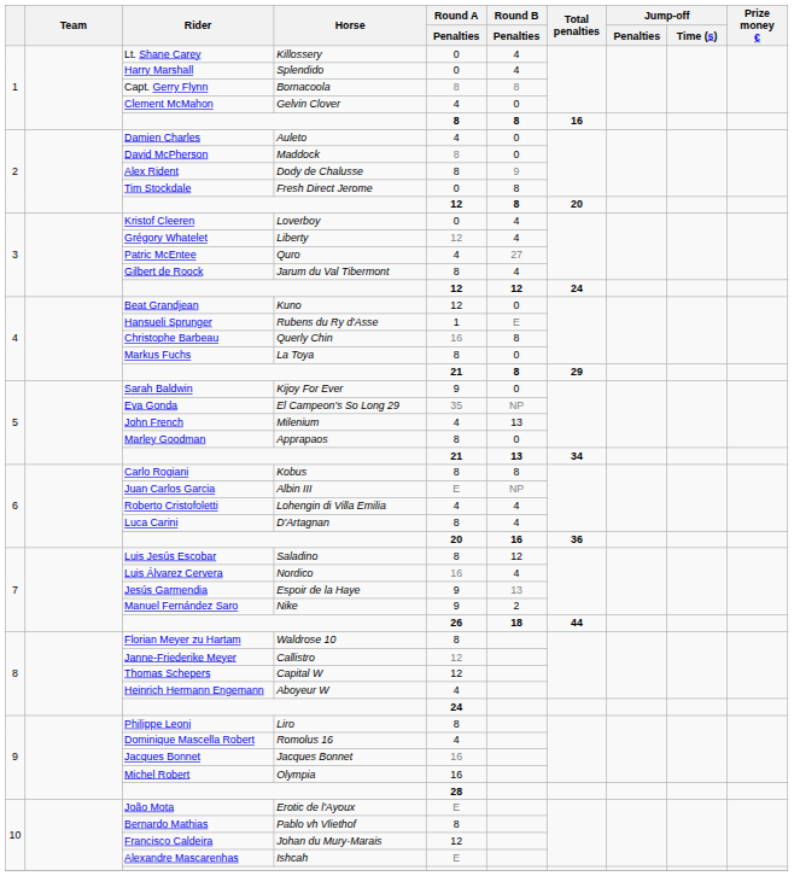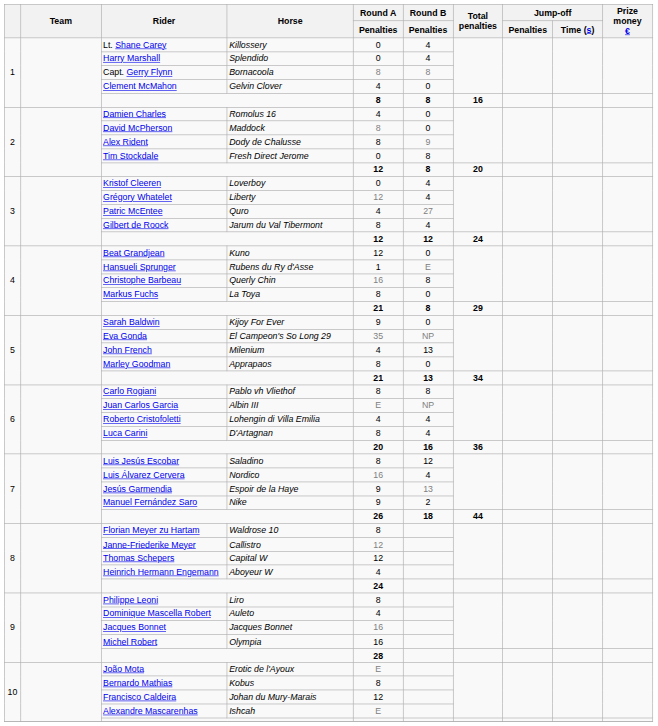 <table class="wikitable" style="font-size: 90%">
 <tr>
 <th rowspan=2 width=20></th>
 <th rowspan=2 width=125>Team</th>
 <th rowspan=2 width=200>Rider</th>
 <th rowspan=2 width=200>Horse</th>
 <th>Round A</th>
 <th>Round B</th>
 <th rowspan=2 width=75>Total penalties</th>
 <th colspan=2>Jump-off</th>
 <th rowspan=2 width=75>Prize money<br><a href='#'>€</a></th>
 </tr>
 <tr>
 <th width=75>Penalties</th>
 <th width=75>Penalties</th>
 <th width=75>Penalties</th>
 <th width=75>Time (<a href='#'>s</a>)</th>
 </tr>
 <tr>
 <td rowspan=5 align=center>1</td>
 <td rowspan=5></td>
 <td>Lt. <a href='#'>Shane Carey</a></td>
 <td><em>Killossery</em></td>
 <td align=center>0</td>
 <td align=center>4</td>
 <td rowspan=4></td>
 <td rowspan=4></td>
 <td rowspan=4></td>
 <td rowspan=4></td>
 </tr>
 <tr>
 <td><a href='#'>Harry Marshall</a></td>
 <td><em>Splendido</em></td>
 <td align=center>0</td>
 <td align=center>4</td>
 </tr>
 <tr>
 <td>Capt. <a href='#'>Gerry Flynn</a></td>
 <td><em>Bornacoola</em></td>
 <td align=center style=color:gray>8</td>
 <td align=center style=color:gray>8</td>
 </tr>
 <tr>
 <td><a href='#'>Clement McMahon</a></td>
 <td><em>Gelvin Clover</em></td>
 <td align=center>4</td>
 <td align=center>0</td>
 </tr>
 <tr>
 <td colspan=2></td>
 <td align=center><strong>8</strong></td>
 <td align=center><strong>8</strong></td>
 <td align=center><strong>16</strong></td>
 <td></td>
 <td></td>
 <td align=center></td>
 </tr>
 <tr>
 <td rowspan=5 align=center>2</td>
 <td rowspan=5></td>
 <td><a href='#'>Damien Charles</a></td>
-<td><em>Auleto</em></td>
+<td><em>Romolus 16</em></td>
 <td align=center>4</td>
 <td align=center>0</td>
 <td rowspan=4></td>
 <td rowspan=4></td>
 <td rowspan=4></td>
 <td rowspan=4></td>
 </tr>
 <tr>
 <td><a href='#'>David McPherson</a></td>
 <td><em>Maddock</em></td>
 <td align=center style=color:gray>8</td>
 <td align=center>0</td>
 </tr>
 <tr>
 <td><a href='#'>Alex Rident</a></td>
 <td><em>Dody de Chalusse</em></td>
 <td align=center>8</td>
 <td align=center style=color:gray>9</td>
 </tr>
 <tr>
 <td><a href='#'>Tim Stockdale</a></td>
 <td><em>Fresh Direct Jerome</em></td>
 <td align=center>0</td>
 <td align=center>8</td>
 </tr>
 <tr>
 <td colspan=2></td>
 <td align=center><strong>12</strong></td>
 <td align=center><strong>8</strong></td>
 <td align=center><strong>20</strong></td>
 <td></td>
 <td></td>
 <td align=center></td>
 </tr>
 <tr>
 <td rowspan=5 align=center>3</td>
 <td rowspan=5></td>
 <td><a href='#'>Kristof Cleeren</a></td>
 <td><em>Loverboy</em></td>
 <td align=center>0</td>
 <td align=center>4</td>
 <td rowspan=4></td>
 <td rowspan=4></td>
 <td rowspan=4></td>
 <td rowspan=4></td>
 </tr>
 <tr>
 <td><a href='#'>Grégory Whatelet</a></td>
 <td><em>Liberty</em></td>
 <td align=center style=color:gray>12</td>
 <td align=center>4</td>
 </tr>
 <tr>
 <td><a href='#'>Patric McEntee</a></td>
 <td><em>Quro</em></td>
 <td align=center>4</td>
 <td align=center style=color:gray>27</td>
 </tr>
 <tr>
 <td><a href='#'>Gilbert de Roock</a></td>
 <td><em>Jarum du Val Tibermont</em></td>
 <td align=center>8</td>
 <td align=center>4</td>
 </tr>
 <tr>
 <td colspan=2></td>
 <td align=center><strong>12</strong></td>
 <td align=center><strong>12</strong></td>
 <td align=center><strong>24</strong></td>
 <td align=center></td>
 <td align=center></td>
 <td align=center></td>
 </tr>
 <tr>
 <td rowspan=5 align=center>4</td>
 <td rowspan=5></td>
 <td><a href='#'>Beat Grandjean</a></td>
 <td><em>Kuno</em></td>
 <td align=center>12</td>
 <td align=center>0</td>
 <td rowspan=4></td>
 <td rowspan=4></td>
 <td rowspan=4></td>
 <td rowspan=4></td>
 </tr>
 <tr>
 <td><a href='#'>Hansueli Sprunger</a></td>
 <td><em>Rubens du Ry d'Asse</em></td>
 <td align=center>1</td>
 <td align=center style=color:gray>E</td>
 </tr>
 <tr>
 <td><a href='#'>Christophe Barbeau</a></td>
 <td><em>Querly Chin</em></td>
 <td align=center style=color:gray>16</td>
 <td align=center>8</td>
 </tr>
 <tr>
 <td><a href='#'>Markus Fuchs</a></td>
 <td><em>La Toya</em></td>
 <td align=center>8</td>
 <td align=center>0</td>
 </tr>
 <tr>
 <td colspan=2></td>
 <td align=center><strong>21</strong></td>
 <td align=center><strong>8</strong></td>
 <td align=center><strong>29</strong></td>
 <td></td>
 <td></td>
 <td></td>
 </tr>
 <tr>
 <td rowspan=5 align=center>5</td>
 <td rowspan=5></td>
 <td><a href='#'>Sarah Baldwin</a></td>
 <td><em>Kijoy For Ever</em></td>
 <td align=center>9</td>
 <td align=center>0</td>
 <td rowspan=4></td>
 <td rowspan=4></td>
 <td rowspan=4></td>
 <td rowspan=4></td>
 </tr>
 <tr>
 <td><a href='#'>Eva Gonda</a></td>
 <td><em>El Campeon's So Long 29</em></td>
 <td align=center style=color:gray>35</td>
 <td align=center style=color:gray>NP</td>
 </tr>
 <tr>
 <td><a href='#'>John French</a></td>
 <td><em>Milenium</em></td>
 <td align=center>4</td>
 <td align=center>13</td>
 </tr>
 <tr>
 <td><a href='#'>Marley Goodman</a></td>
 <td><em>Apprapaos</em></td>
 <td align=center>8</td>
 <td align=center>0</td>
 </tr>
 <tr>
 <td colspan=2></td>
 <td align=center><strong>21</strong></td>
 <td align=center><strong>13</strong></td>
 <td align=center><strong>34</strong></td>
 <td align=center></td>
 <td align=center></td>
 <td></td>
 </tr>
 <tr>
 <td rowspan=5 align=center>6</td>
 <td rowspan=5></td>
 <td><a href='#'>Carlo Rogiani</a></td>
-<td><em>Kobus</em></td>
+<td><em>Pablo vh Vliethof</em></td>
 <td align=center>8</td>
 <td align=center>8</td>
 <td rowspan=4></td>
 <td rowspan=4></td>
 <td rowspan=4></td>
 <td rowspan=4></td>
 </tr>
 <tr>
 <td><a href='#'>Juan Carlos Garcia</a></td>
 <td><em>Albin III</em></td>
 <td align=center style=color:gray>E</td>
 <td align=center style=color:gray>NP</td>
 </tr>
 <tr>
 <td><a href='#'>Roberto Cristofoletti</a></td>
 <td><em>Lohengin di Villa Emilia</em></td>
 <td align=center>4</td>
 <td align=center>4</td>
 </tr>
 <tr>
 <td><a href='#'>Luca Carini</a></td>
 <td><em>D'Artagnan</em></td>
 <td align=center>8</td>
 <td align=center>4</td>
 </tr>
 <tr>
 <td colspan=2></td>
 <td align=center><strong>20</strong></td>
 <td align=center><strong>16</strong></td>
 <td align=center><strong>36</strong></td>
 <td></td>
 <td></td>
 <td></td>
 </tr>
 <tr>
 <td rowspan=5 align=center>7</td>
 <td rowspan=5></td>
 <td><a href='#'>Luis Jesús Escobar</a></td>
 <td><em>Saladino</em></td>
 <td align=center>8</td>
 <td align=center>12</td>
 <td rowspan=4></td>
 <td rowspan=4></td>
 <td rowspan=4></td>
 <td rowspan=4></td>
 </tr>
 <tr>
 <td><a href='#'>Luis Álvarez Cervera</a></td>
 <td><em>Nordico</em></td>
 <td align=center style=color:gray>16</td>
 <td align=center>4</td>
 </tr>
 <tr>
 <td><a href='#'>Jesús Garmendia</a></td>
 <td><em>Espoir de la Haye</em></td>
 <td align=center>9</td>
 <td align=center style=color:gray>13</td>
 </tr>
 <tr>
 <td><a href='#'>Manuel Fernández Saro</a></td>
 <td><em>Nike</em></td>
 <td align=center>9</td>
 <td align=center>2</td>
 </tr>
 <tr>
 <td colspan=2></td>
 <td align=center><strong>26</strong></td>
 <td align=center><strong>18</strong></td>
 <td align=center><strong>44</strong></td>
 <td></td>
 <td></td>
 <td align=center></td>
 </tr>
 <tr>
 <td rowspan=5 align=center>8</td>
 <td rowspan=5></td>
 <td><a href='#'>Florian Meyer zu Hartam</a></td>
 <td><em>Waldrose 10</em></td>
 <td align=center>8</td>
 <td></td>
 <td rowspan=4></td>
 <td rowspan=4></td>
 <td rowspan=4></td>
 <td rowspan=4></td>
 </tr>
 <tr>
 <td><a href='#'>Janne-Friederike Meyer</a></td>
 <td><em>Callistro</em></td>
 <td align=center style=color:gray>12</td>
 <td></td>
 </tr>
 <tr>
 <td><a href='#'>Thomas Schepers</a></td>
 <td><em>Capital W</em></td>
 <td align=center>12</td>
 <td></td>
 </tr>
 <tr>
 <td><a href='#'>Heinrich Hermann Engemann</a></td>
 <td><em>Aboyeur W</em></td>
 <td align=center>4</td>
 <td></td>
 </tr>
 <tr>
 <td colspan=2></td>
 <td align=center><strong>24</strong></td>
 <td></td>
 <td></td>
 <td></td>
 <td></td>
 <td></td>
 </tr>
 <tr>
 <td rowspan=5 align=center>9</td>
 <td rowspan=5></td>
 <td><a href='#'>Philippe Leoni</a></td>
 <td><em>Liro</em></td>
 <td align=center>8</td>
 <td></td>
 <td rowspan=4></td>
 <td rowspan=4></td>
 <td rowspan=4></td>
 <td rowspan=4></td>
 </tr>
 <tr>
 <td><a href='#'>Dominique Mascella Robert</a></td>
-<td><em>Romolus 16</em></td>
+<td><em>Auleto</em></td>
 <td align=center>4</td>
 <td></td>
 </tr>
 <tr>
 <td><a href='#'>Jacques Bonnet</a></td>
 <td><em>Jacques Bonnet</em></td>
 <td align=center style=color:gray>16</td>
 <td></td>
 </tr>
 <tr>
 <td><a href='#'>Michel Robert</a></td>
 <td><em>Olympia</em></td>
 <td align=center>16</td>
 <td></td>
 </tr>
 <tr>
 <td colspan=2></td>
 <td align=center><strong>28</strong></td>
 <td></td>
 <td></td>
 <td></td>
 <td></td>
 <td align=center></td>
 </tr>
 <tr>
 <td rowspan=5 align=center>10</td>
 <td rowspan=5></td>
 <td><a href='#'>João Mota</a></td>
 <td><em>Erotic de l'Ayoux</em></td>
 <td align=center style=color:gray>E</td>
 <td></td>
 <td rowspan=4></td>
 <td rowspan=4></td>
 <td rowspan=4></td>
 <td rowspan=4></td>
 </tr>
 <tr>
 <td><a href='#'>Bernardo Mathias</a></td>
-<td><em>Pablo vh Vliethof</em></td>
+<td><em>Kobus</em></td>
 <td align=center>8</td>
 <td></td>
 </tr>
 <tr>
 <td><a href='#'>Francisco Caldeira</a></td>
 <td><em>Johan du Mury-Marais</em></td>
 <td align=center>12</td>
 <td></td>
 </tr>
 <tr>
 <td><a href='#'>Alexandre Mascarenhas</a></td>
 <td><em>Ishcah</em></td>
 <td align=center style=color:gray>E</td>
 <td></td>
 </tr>
 <tr>
 <td colspan=2></td>
 <td align=center></td>
 <td></td>
 <td></td>
 <td></td>
 <td></td>
 <td></td>
 </tr>
 <tr>
 </tr>
 </table>
